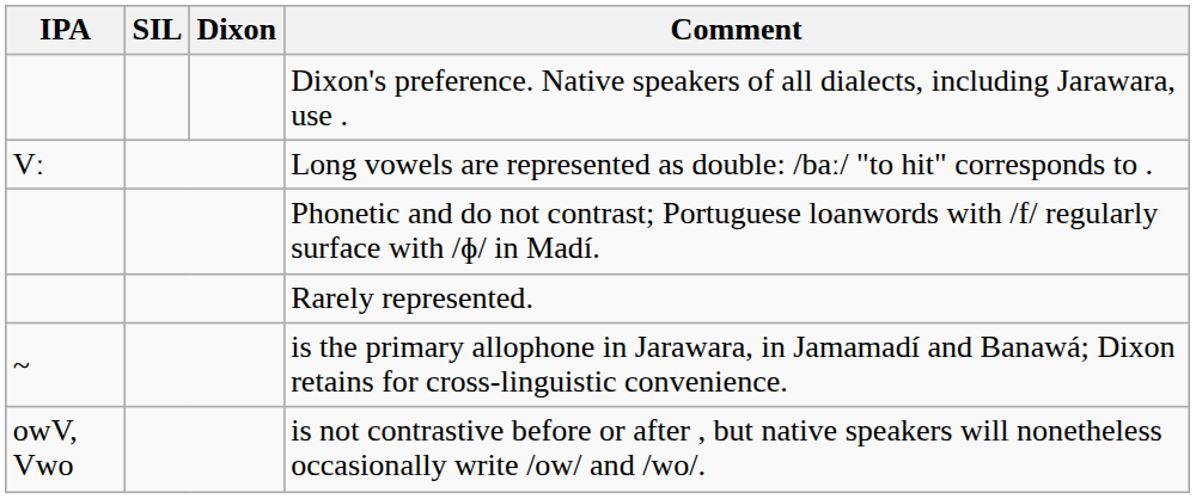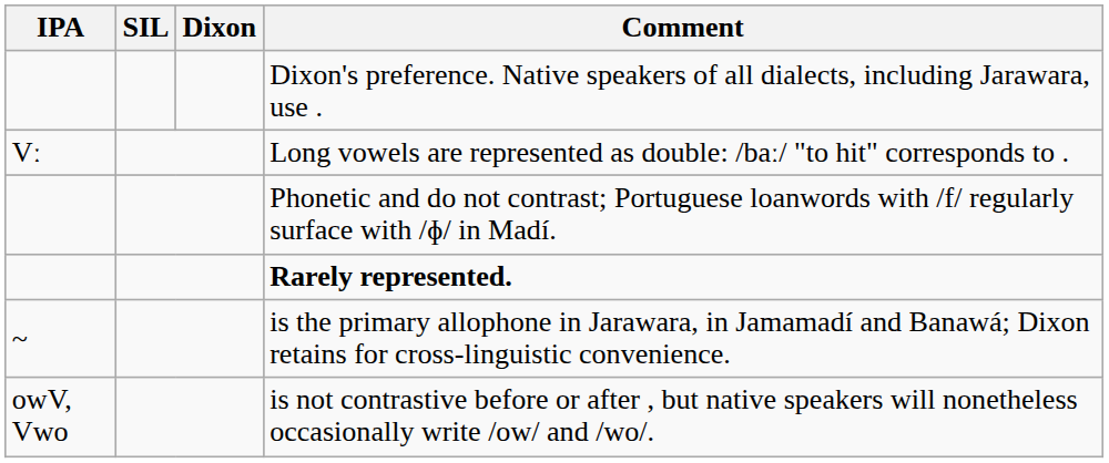 <table class="wikitable">
 <tr>
 <th>IPA</th>
 <th>SIL</th>
 <th>Dixon</th>
 <th>Comment</th>
 </tr>
 <tr>
 <td></td>
 <td></td>
 <td></td>
 <td>Dixon's preference. Native speakers of all dialects, including Jarawara, use .</td>
 </tr>
 <tr>
 <td>Vː</td>
 <td colspan="2"></td>
 <td>Long vowels are represented as double: /baː/ "to hit" corresponds to .</td>
 </tr>
 <tr>
 <td></td>
 <td colspan="2"></td>
 <td>Phonetic  and  do not contrast; Portuguese loanwords with /f/ regularly surface with /ɸ/ in Madí.</td>
 </tr>
 <tr>
 <td></td>
 <td colspan="2"></td>
-<td>Rarely represented.</td>
+<td><strong>Rarely represented.</strong></td>
 </tr>
 <tr>
 <td>~</td>
 <td colspan="2"></td>
 <td> is the primary allophone in Jarawara,  in Jamamadí and Banawá; Dixon retains  for cross-linguistic convenience.</td>
 </tr>
 <tr>
 <td>owV, Vwo</td>
 <td colspan="2"></td>
 <td> is not contrastive before or after , but native speakers will nonetheless occasionally write /ow/ and /wo/.</td>
 </tr>
 </table>
